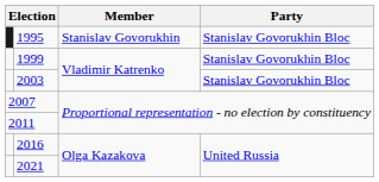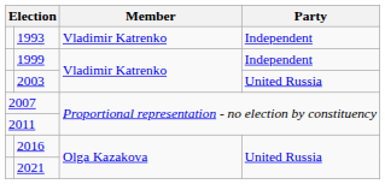 <table class="wikitable">
 <tr>
 <th colspan="2">Election</th>
 <th>Member</th>
 <th>Party</th>
 </tr>
 <tr>
-<td style="background-color:#1A1A1A"></td>
-<td><a href='#'>1995</a></td>
-<td><a href='#'>Stanislav Govorukhin</a></td>
-<td><a href='#'>Stanislav Govorukhin Bloc</a></td>
+<td style="background-color:"></td>
+<td><a href='#'>1993</a></td>
+<td><a href='#'>Vladimir Katrenko</a></td>
+<td><a href='#'>Independent</a></td>
 </tr>
 <tr>
 <td style="background-color:"></td>
 <td><a href='#'>1999</a></td>
 <td rowspan=2><a href='#'>Vladimir Katrenko</a></td>
-<td><a href='#'>Stanislav Govorukhin Bloc</a></td>
+<td><a href='#'>Independent</a></td>
 </tr>
 <tr>
 <td style="background-color:"></td>
 <td><a href='#'>2003</a></td>
-<td><a href='#'>Stanislav Govorukhin Bloc</a></td>
+<td><a href='#'>United Russia</a></td>
 </tr>
 <tr>
 <td colspan=2><a href='#'>2007</a></td>
 <td colspan=2 rowspan=2><em><a href='#'>Proportional representation</a> - no election by constituency</em></td>
 </tr>
 <tr>
 <td colspan=2><a href='#'>2011</a></td>
 </tr>
 <tr>
 <td style="background-color: "></td>
 <td><a href='#'>2016</a></td>
 <td rowspan=2><a href='#'>Olga Kazakova</a></td>
 <td rowspan=2><a href='#'>United Russia</a></td>
 </tr>
 <tr>
 <td style="background-color: "></td>
 <td><a href='#'>2021</a></td>
 </tr>
 </table>
